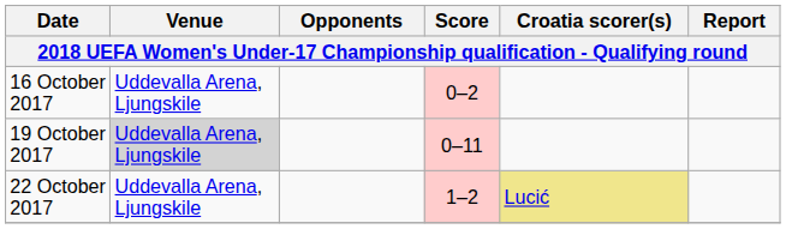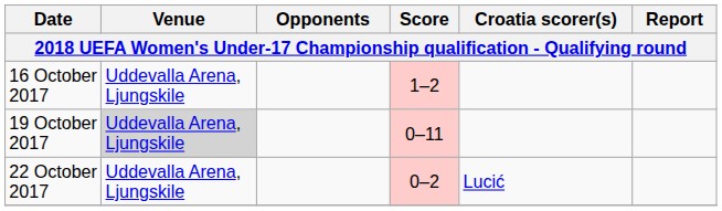 <table class="wikitable" style="font-size:95%;">
 <tr>
 <th width=125>Date</th>
 <th width=260>Venue</th>
 <th width=170>Opponents</th>
 <th width= 75>Score</th>
 <th width=320>Croatia scorer(s)</th>
 <th width=100>Report</th>
 </tr>
 <tr>
 <th colspan=7><a href='#'>2018 UEFA Women's Under-17 Championship qualification - Qualifying round</a></th>
 </tr>
 <tr>
 <td>16 October 2017</td>
 <td><a href='#'>Uddevalla Arena</a>, <a href='#'>Ljungskile</a></td>
 <td></td>
-<td align=center bgcolor=#FFCCCC>0–2</td>
+<td align=center bgcolor=#FFCCCC>1–2</td>
 <td></td>
 <td></td>
 </tr>
 <tr>
 <td>19 October 2017</td>
 <td style="background: lightgrey;"><a href='#'>Uddevalla Arena</a>, <a href='#'>Ljungskile</a></td>
 <td></td>
 <td align=center bgcolor=#FFCCCC>0–11</td>
 <td></td>
 <td></td>
 </tr>
 <tr>
 <td>22 October 2017</td>
 <td><a href='#'>Uddevalla Arena</a>, <a href='#'>Ljungskile</a></td>
 <td></td>
-<td align=center bgcolor=#FFCCCC>1–2</td>
-<td style="background: khaki;"><a href='#'>Lucić</a></td>
+<td align=center bgcolor=#FFCCCC>0–2</td>
+<td><a href='#'>Lucić</a></td>
 <td></td>
 </tr>
 <tr>
 </tr>
 </table>
